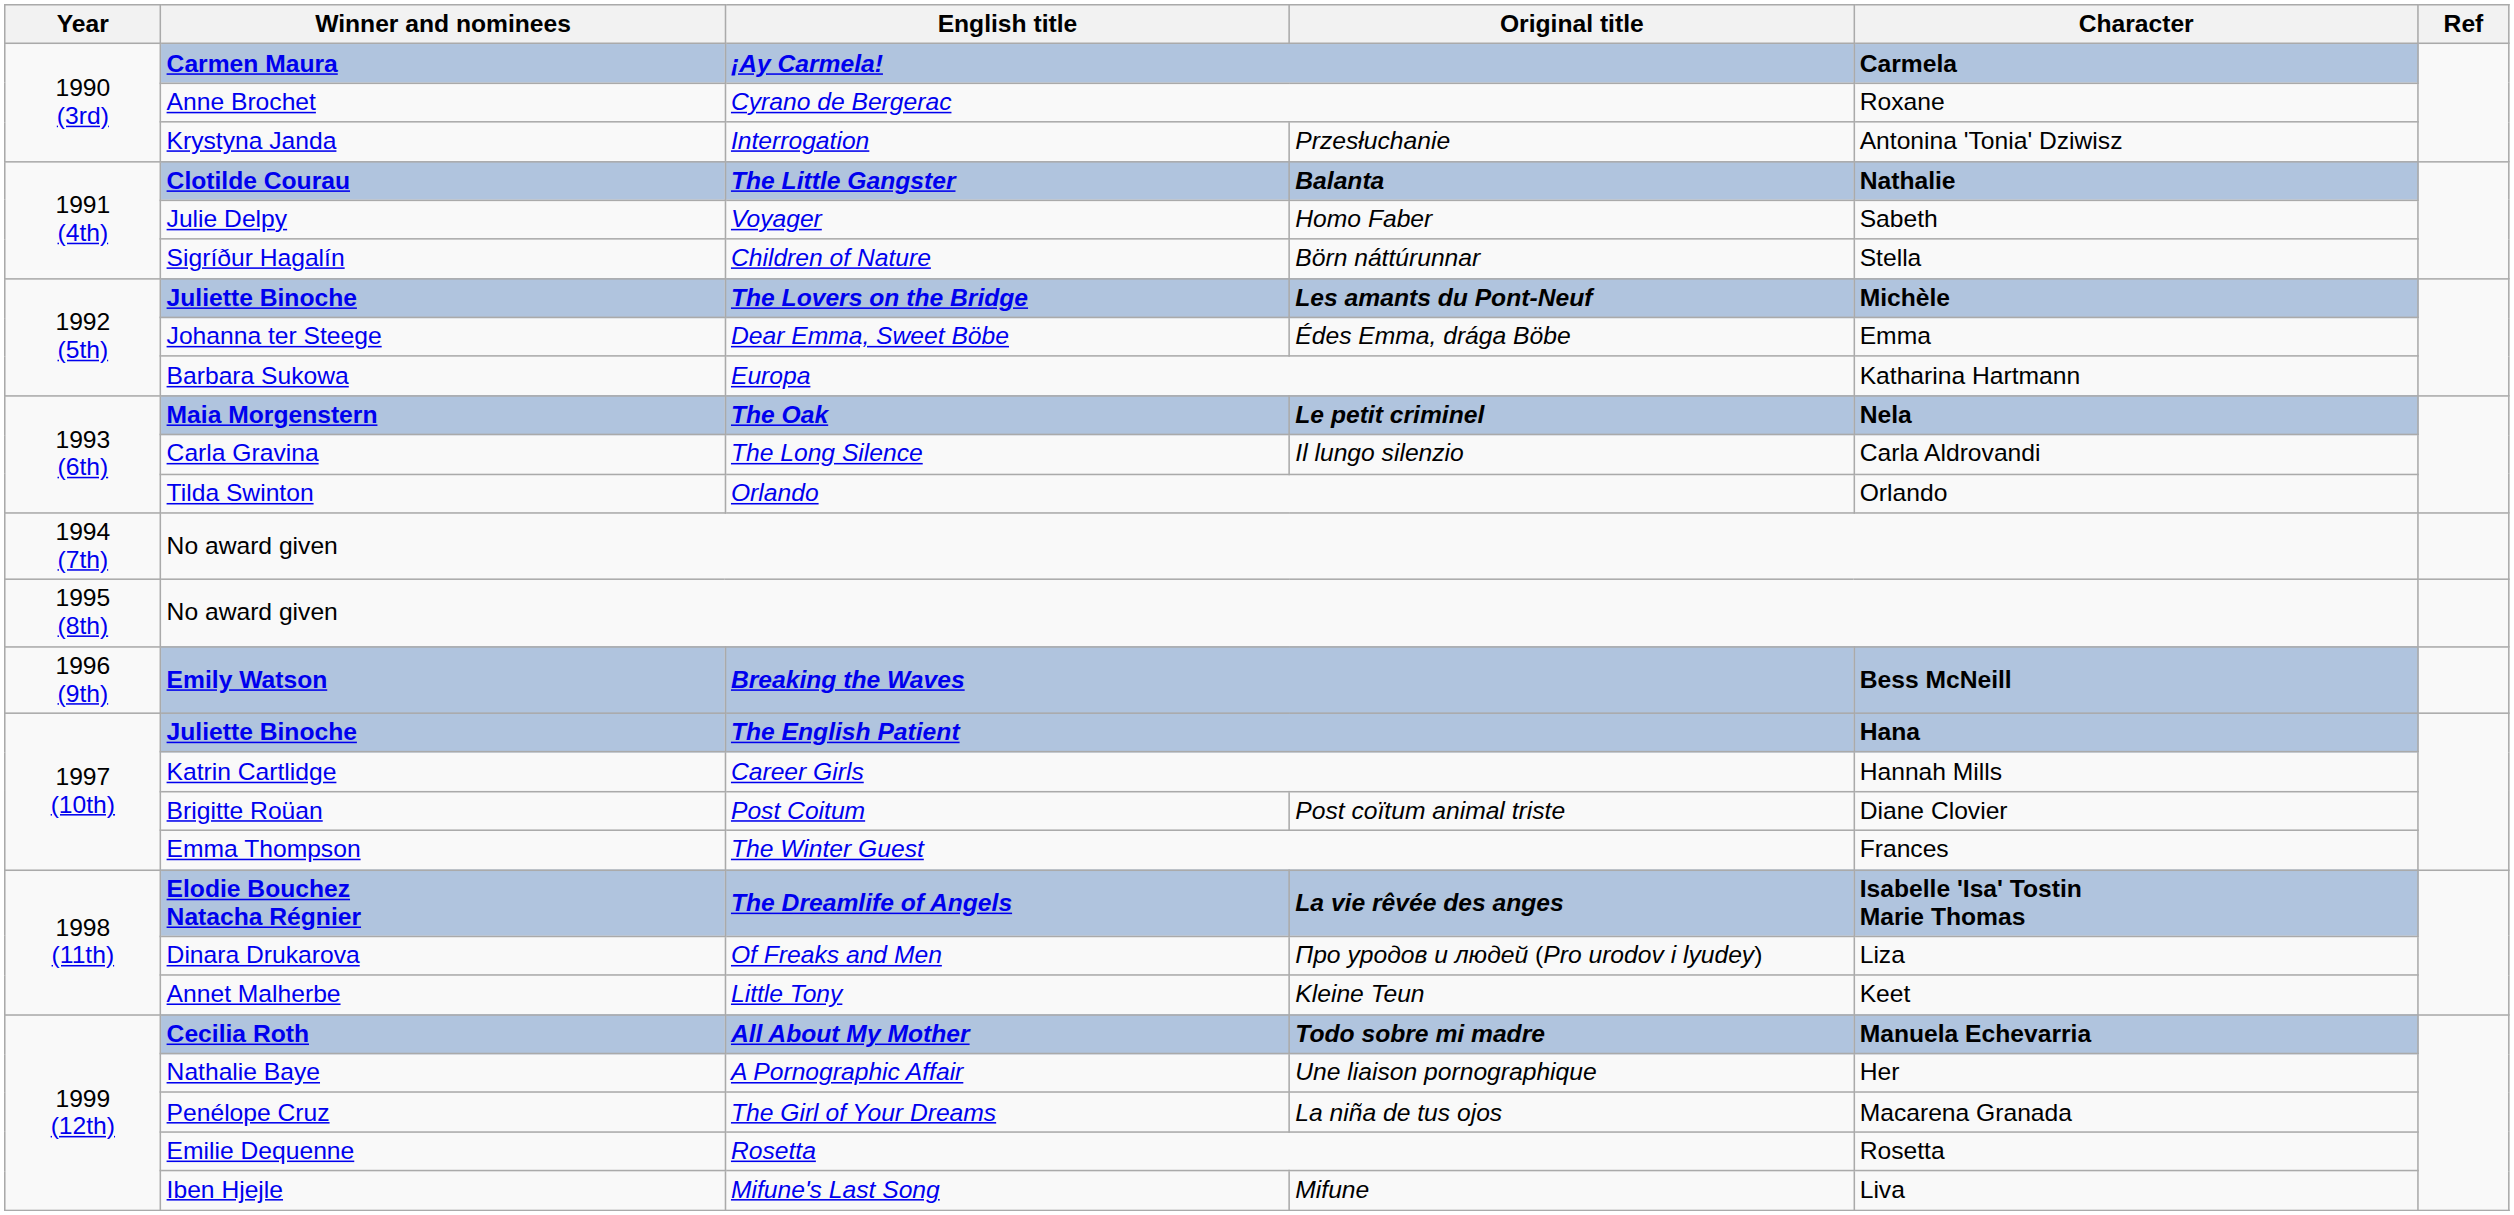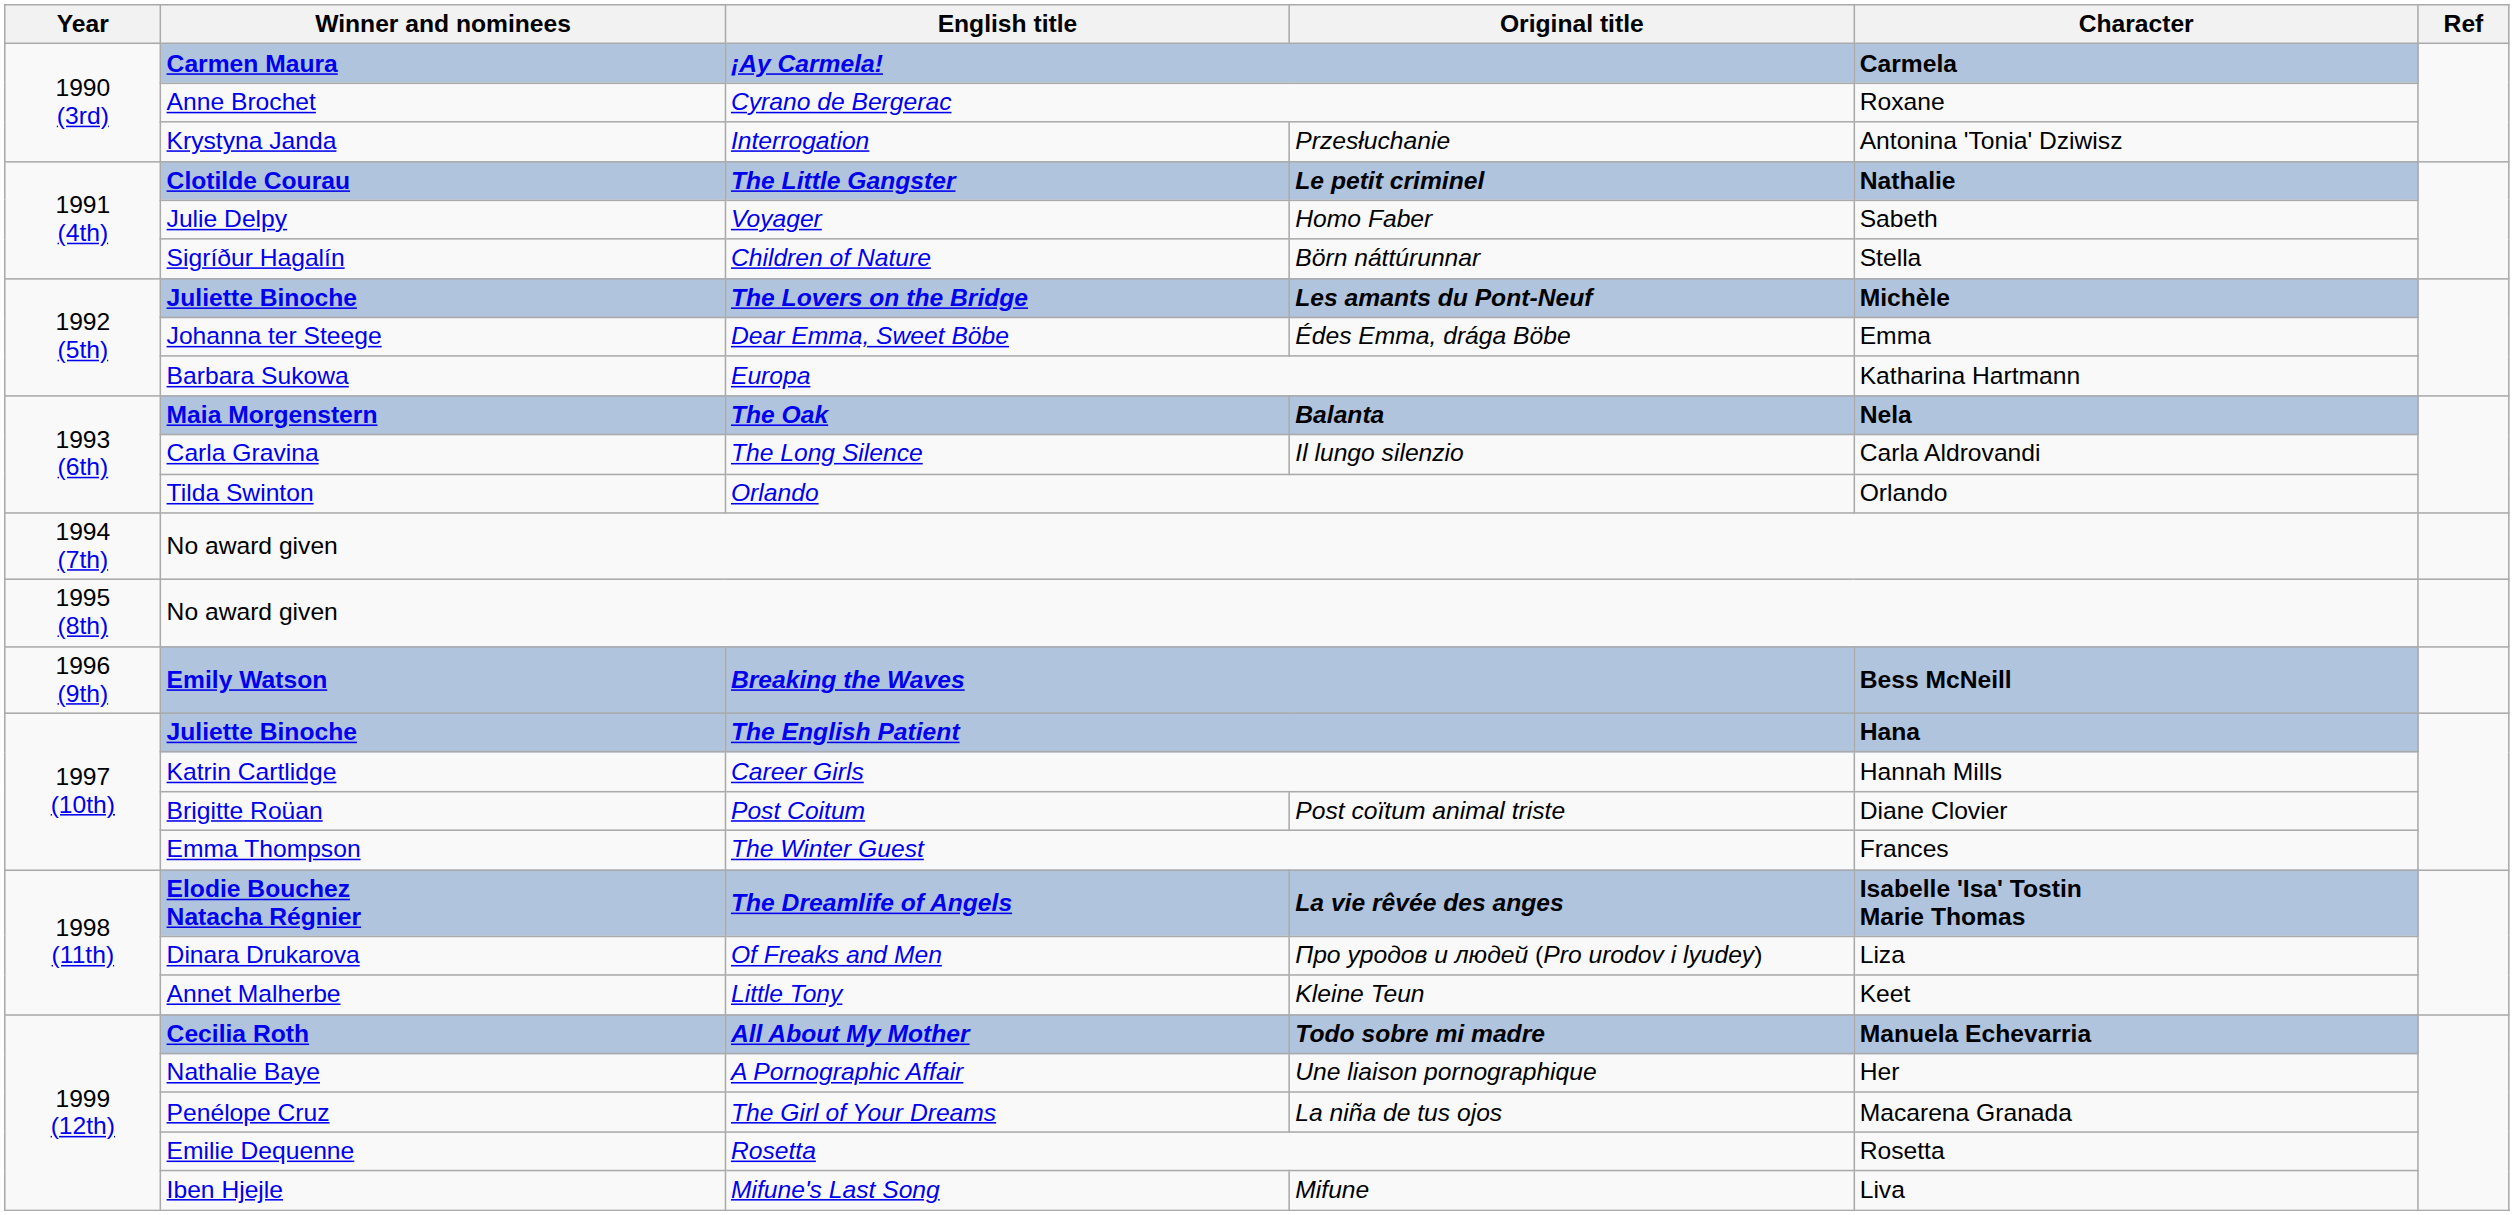 <table class="wikitable" width="82%" cellpadding="5">
 <tr>
 <th width="50"><strong>Year</strong></th>
 <th width="200"><strong>Winner and nominees</strong></th>
 <th width="200"><strong>English title</strong></th>
 <th width="200"><strong>Original title</strong></th>
 <th width="200">Character</th>
 <th width="25"><strong>Ref</strong></th>
 </tr>
 <tr>
 <td rowspan="3" style="text-align:center;">1990<br><a href='#'>(3rd)</a></td>
 <td style="background:#B0C4DE;"><strong><a href='#'>Carmen Maura</a></strong></td>
 <td colspan="2" style="background:#B0C4DE;"><strong><em><a href='#'>¡Ay Carmela!</a></em></strong></td>
 <td style="background:#B0C4DE;"><strong>Carmela</strong></td>
 <td rowspan="3"></td>
 </tr>
 <tr>
 <td><a href='#'>Anne Brochet</a></td>
 <td colspan="2"><em><a href='#'>Cyrano de Bergerac</a></em></td>
 <td>Roxane</td>
 </tr>
 <tr>
 <td><a href='#'>Krystyna Janda</a></td>
 <td><em><a href='#'>Interrogation</a></em></td>
 <td><em>Przesłuchanie</em></td>
 <td>Antonina 'Tonia' Dziwisz</td>
 </tr>
 <tr>
 <td rowspan="3" style="text-align:center;">1991<br><a href='#'>(4th)</a></td>
 <td style="background:#B0C4DE;"><strong><a href='#'>Clotilde Courau</a></strong></td>
 <td style="background:#B0C4DE;"><strong><em><a href='#'>The Little Gangster</a></em></strong></td>
-<td style="background:#B0C4DE;"><strong><em>Balanta</em></strong></td>
+<td style="background:#B0C4DE;"><strong><em>Le petit criminel</em></strong></td>
 <td style="background:#B0C4DE;"><strong>Nathalie</strong></td>
 <td rowspan="3"></td>
 </tr>
 <tr>
 <td><a href='#'>Julie Delpy</a></td>
 <td><em><a href='#'>Voyager</a></em></td>
 <td><em>Homo Faber</em></td>
 <td>Sabeth</td>
 </tr>
 <tr>
 <td><a href='#'>Sigríður Hagalín</a></td>
 <td><em><a href='#'>Children of Nature</a></em></td>
 <td><em>Börn náttúrunnar</em></td>
 <td>Stella</td>
 </tr>
 <tr>
 <td rowspan="3" style="text-align:center;">1992<br><a href='#'>(5th)</a></td>
 <td style="background:#B0C4DE;"><strong><a href='#'>Juliette Binoche</a></strong></td>
 <td style="background:#B0C4DE;"><strong><em><a href='#'>The Lovers on the Bridge</a></em></strong></td>
 <td style="background:#B0C4DE;"><strong><em>Les amants du Pont-Neuf</em></strong></td>
 <td style="background:#B0C4DE;"><strong>Michèle</strong></td>
 <td rowspan="3"></td>
 </tr>
 <tr>
 <td><a href='#'>Johanna ter Steege</a></td>
 <td><em><a href='#'>Dear Emma, Sweet Böbe</a></em></td>
 <td><em>Édes Emma, drága Böbe</em></td>
 <td>Emma</td>
 </tr>
 <tr>
 <td><a href='#'>Barbara Sukowa</a></td>
 <td colspan="2"><em><a href='#'>Europa</a></em></td>
 <td>Katharina Hartmann</td>
 </tr>
 <tr>
 <td rowspan="3" style="text-align:center;">1993<br><a href='#'>(6th)</a></td>
 <td style="background:#B0C4DE;"><strong><a href='#'>Maia Morgenstern</a></strong></td>
 <td style="background:#B0C4DE;"><strong><em><a href='#'>The Oak</a></em></strong></td>
-<td style="background:#B0C4DE;"><strong><em>Le petit criminel</em></strong></td>
+<td style="background:#B0C4DE;"><strong><em>Balanta</em></strong></td>
 <td style="background:#B0C4DE;"><strong>Nela</strong></td>
 <td rowspan="3"></td>
 </tr>
 <tr>
 <td><a href='#'>Carla Gravina</a></td>
 <td><em><a href='#'>The Long Silence</a></em></td>
 <td><em>Il lungo silenzio</em></td>
 <td>Carla Aldrovandi</td>
 </tr>
 <tr>
 <td><a href='#'>Tilda Swinton</a></td>
 <td colspan="2"><em><a href='#'>Orlando</a></em></td>
 <td>Orlando</td>
 </tr>
 <tr>
 <td style="text-align:center;">1994<br><a href='#'>(7th)</a></td>
 <td colspan="4">No award given</td>
 <td></td>
 </tr>
 <tr>
 <td style="text-align:center;">1995<br><a href='#'>(8th)</a></td>
 <td colspan="4">No award given</td>
 <td></td>
 </tr>
 <tr>
 <td style="text-align:center;">1996<br><a href='#'>(9th)</a></td>
 <td style="background:#B0C4DE;"><strong><a href='#'>Emily Watson</a></strong></td>
 <td colspan="2" style="background:#B0C4DE;"><strong><em><a href='#'>Breaking the Waves</a></em></strong></td>
 <td style="background:#B0C4DE;"><strong>Bess McNeill</strong></td>
 <td></td>
 </tr>
 <tr>
 <td rowspan="4" style="text-align:center;">1997<br><a href='#'>(10th)</a></td>
 <td style="background:#B0C4DE;"><strong><a href='#'>Juliette Binoche</a></strong></td>
 <td colspan="2" style="background:#B0C4DE;"><strong><em><a href='#'>The English Patient</a></em></strong></td>
 <td style="background:#B0C4DE;"><strong>Hana</strong></td>
 <td rowspan="4"></td>
 </tr>
 <tr>
 <td><a href='#'>Katrin Cartlidge</a></td>
 <td colspan="2"><em><a href='#'>Career Girls</a></em></td>
 <td>Hannah Mills</td>
 </tr>
 <tr>
 <td><a href='#'>Brigitte Roüan</a></td>
 <td><em><a href='#'>Post Coitum</a></em></td>
 <td><em>Post coïtum animal triste</em></td>
 <td>Diane Clovier</td>
 </tr>
 <tr>
 <td><a href='#'>Emma Thompson</a></td>
 <td colspan="2"><em><a href='#'>The Winter Guest</a></em></td>
 <td>Frances</td>
 </tr>
 <tr>
 <td rowspan="3" style="text-align:center;">1998<br><a href='#'>(11th)</a></td>
 <td style="background:#B0C4DE;"><strong><a href='#'>Elodie Bouchez</a></strong><br><strong><a href='#'>Natacha Régnier</a></strong></td>
 <td style="background:#B0C4DE;"><strong><em><a href='#'>The Dreamlife of Angels</a></em></strong></td>
 <td style="background:#B0C4DE;"><strong><em>La vie rêvée des anges</em></strong></td>
 <td style="background:#B0C4DE;"><strong>Isabelle 'Isa' Tostin<br>Marie Thomas</strong></td>
 <td rowspan="3"></td>
 </tr>
 <tr>
 <td><a href='#'>Dinara Drukarova</a></td>
 <td><em><a href='#'>Of Freaks and Men</a></em></td>
 <td><em>Про уродов и людей</em> (<em>Pro urodov i lyudey</em>)</td>
 <td>Liza</td>
 </tr>
 <tr>
 <td><a href='#'>Annet Malherbe</a></td>
 <td><em><a href='#'>Little Tony</a></em></td>
 <td><em>Kleine Teun</em></td>
 <td>Keet</td>
 </tr>
 <tr>
 <td rowspan="5" style="text-align:center;">1999<br><a href='#'>(12th)</a></td>
 <td style="background:#B0C4DE;"><strong><a href='#'>Cecilia Roth</a></strong></td>
 <td style="background:#B0C4DE;"><strong><em><a href='#'>All About My Mother</a></em></strong></td>
 <td style="background:#B0C4DE;"><strong><em>Todo sobre mi madre</em></strong></td>
 <td style="background:#B0C4DE;"><strong>Manuela Echevarria</strong></td>
 <td rowspan="5"></td>
 </tr>
 <tr>
 <td><a href='#'>Nathalie Baye</a></td>
 <td><em><a href='#'>A Pornographic Affair</a></em></td>
 <td><em>Une liaison pornographique</em></td>
 <td>Her</td>
 </tr>
 <tr>
 <td><a href='#'>Penélope Cruz</a></td>
 <td><em><a href='#'>The Girl of Your Dreams</a></em></td>
 <td><em>La niña de tus ojos</em></td>
 <td>Macarena Granada</td>
 </tr>
 <tr>
 <td><a href='#'>Emilie Dequenne</a></td>
 <td colspan="2"><em><a href='#'>Rosetta</a></em></td>
 <td>Rosetta</td>
 </tr>
 <tr>
 <td><a href='#'>Iben Hjejle</a></td>
 <td><em><a href='#'>Mifune's Last Song</a></em></td>
 <td><em>Mifune</em></td>
 <td>Liva</td>
 </tr>
 <tr>
 </tr>
 </table>
